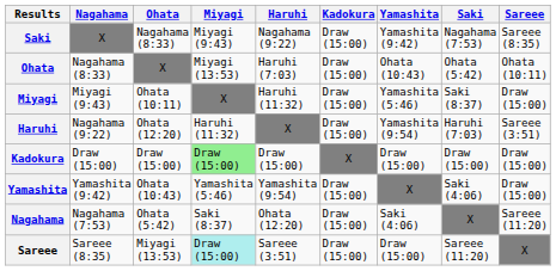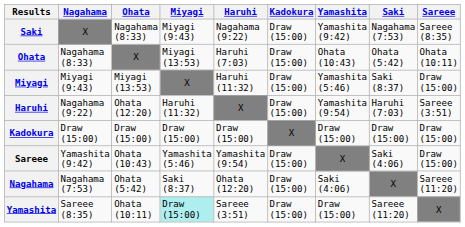 <table class="wikitable" align=center style="margin: 1em auto 1em auto">
 <tr>
 <th>Results</th>
 <th><a href='#'>Nagahama</a></th>
 <th><a href='#'>Ohata</a></th>
 <th><a href='#'>Miyagi</a></th>
 <th><a href='#'>Haruhi</a></th>
 <th><a href='#'>Kadokura</a></th>
 <th><a href='#'>Yamashita</a></th>
 <th><a href='#'>Saki</a></th>
 <th><a href='#'>Sareee</a></th>
 </tr>
 <tr>
 <th><a href='#'>Saki</a></th>
 <td bgcolor=grey align="center">X</td>
 <td>Nagahama<br>(8:33)</td>
 <td>Miyagi<br>(9:43)</td>
 <td>Nagahama<br>(9:22)</td>
 <td>Draw<br>(15:00)</td>
 <td>Yamashita<br>(9:42)</td>
 <td>Nagahama<br>(7:53)</td>
 <td>Sareee<br>(8:35)</td>
 </tr>
 <tr>
 <th><a href='#'>Ohata</a></th>
 <td>Nagahama<br>(8:33)</td>
 <td bgcolor=grey align="center">X</td>
 <td>Miyagi<br>(13:53)</td>
 <td>Haruhi<br>(7:03)</td>
 <td>Draw<br>(15:00)</td>
 <td>Ohata<br>(10:43)</td>
 <td>Ohata<br>(5:42)</td>
 <td>Ohata<br>(10:11)</td>
 </tr>
 <tr>
 <th><a href='#'>Miyagi</a></th>
 <td>Miyagi<br>(9:43)</td>
-<td>Ohata<br>(10:11)</td>
+<td>Miyagi<br>(13:53)</td>
 <td bgcolor=grey align="center">X</td>
 <td>Haruhi<br>(11:32)</td>
 <td>Draw<br>(15:00)</td>
 <td>Yamashita<br>(5:46)</td>
 <td>Saki<br>(8:37)</td>
 <td>Draw<br>(15:00)</td>
 </tr>
 <tr>
 <th><a href='#'>Haruhi</a></th>
 <td>Nagahama<br>(9:22)</td>
 <td>Ohata<br>(12:20)</td>
 <td>Haruhi<br>(11:32)</td>
 <td bgcolor=grey align="center">X</td>
 <td>Draw<br>(15:00)</td>
 <td>Yamashita<br>(9:54)</td>
 <td>Haruhi<br>(7:03)</td>
 <td>Sareee<br>(3:51)</td>
 </tr>
 <tr>
 <th><a href='#'>Kadokura</a></th>
 <td>Draw<br>(15:00)</td>
 <td>Draw<br>(15:00)</td>
-<td style="background: lightgreen;">Draw<br>(15:00)</td>
+<td>Draw<br>(15:00)</td>
 <td>Draw<br>(15:00)</td>
 <td bgcolor=grey align="center">X</td>
 <td>Draw<br>(15:00)</td>
 <td>Draw<br>(15:00)</td>
 <td>Draw<br>(15:00)</td>
 </tr>
 <tr>
-<th><a href='#'>Yamashita</a></th>
+<th>Sareee</th>
 <td>Yamashita<br>(9:42)</td>
 <td>Ohata<br>(10:43)</td>
 <td>Yamashita<br>(5:46)</td>
 <td>Yamashita<br>(9:54)</td>
 <td>Draw<br>(15:00)</td>
 <td bgcolor=grey align="center">X</td>
 <td>Saki<br>(4:06)</td>
 <td>Draw<br>(15:00)</td>
 </tr>
 <tr>
 <th><a href='#'>Nagahama</a></th>
 <td>Nagahama<br>(7:53)</td>
 <td>Ohata<br>(5:42)</td>
 <td>Saki<br>(8:37)</td>
 <td>Ohata<br>(12:20)</td>
 <td>Draw<br>(15:00)</td>
 <td>Saki<br>(4:06)</td>
 <td bgcolor=grey align="center">X</td>
 <td>Sareee<br>(11:20)</td>
 </tr>
 <tr>
-<th>Sareee</th>
+<th><a href='#'>Yamashita</a></th>
 <td>Sareee<br>(8:35)</td>
-<td>Miyagi<br>(13:53)</td>
+<td>Ohata<br>(10:11)</td>
 <td style="background: paleturquoise;">Draw<br>(15:00)</td>
 <td>Sareee<br>(3:51)</td>
 <td>Draw<br>(15:00)</td>
 <td>Draw<br>(15:00)</td>
 <td>Sareee<br>(11:20)</td>
 <td bgcolor=grey align="center">X</td>
 </tr>
 </table>
